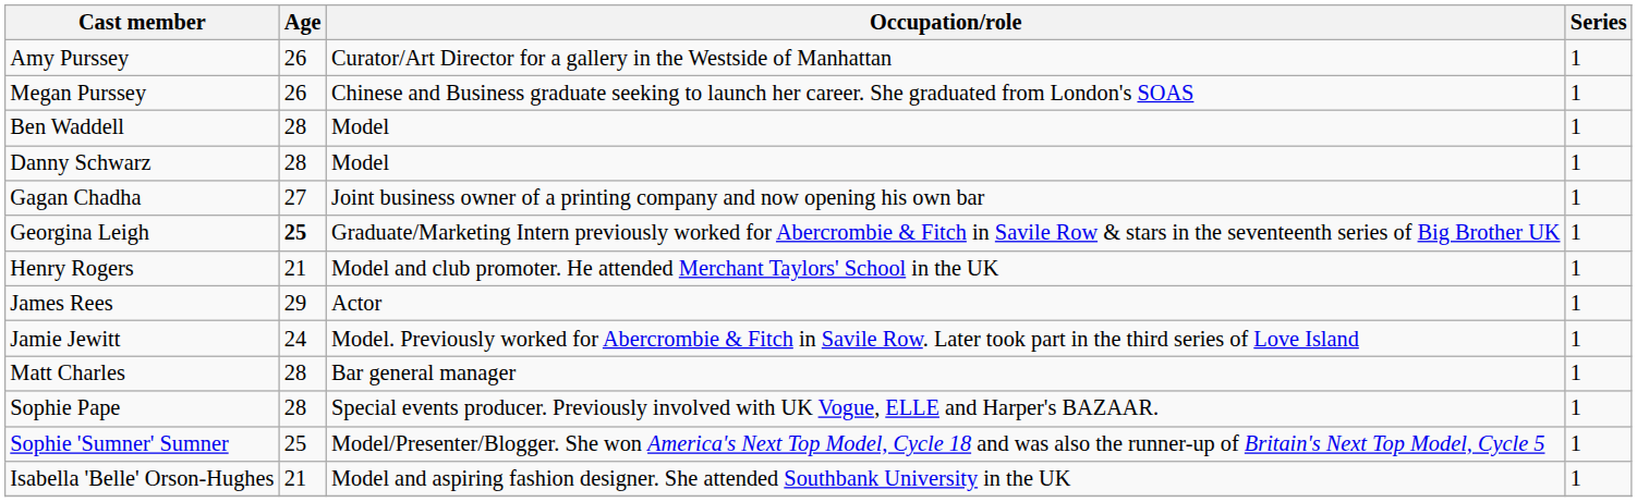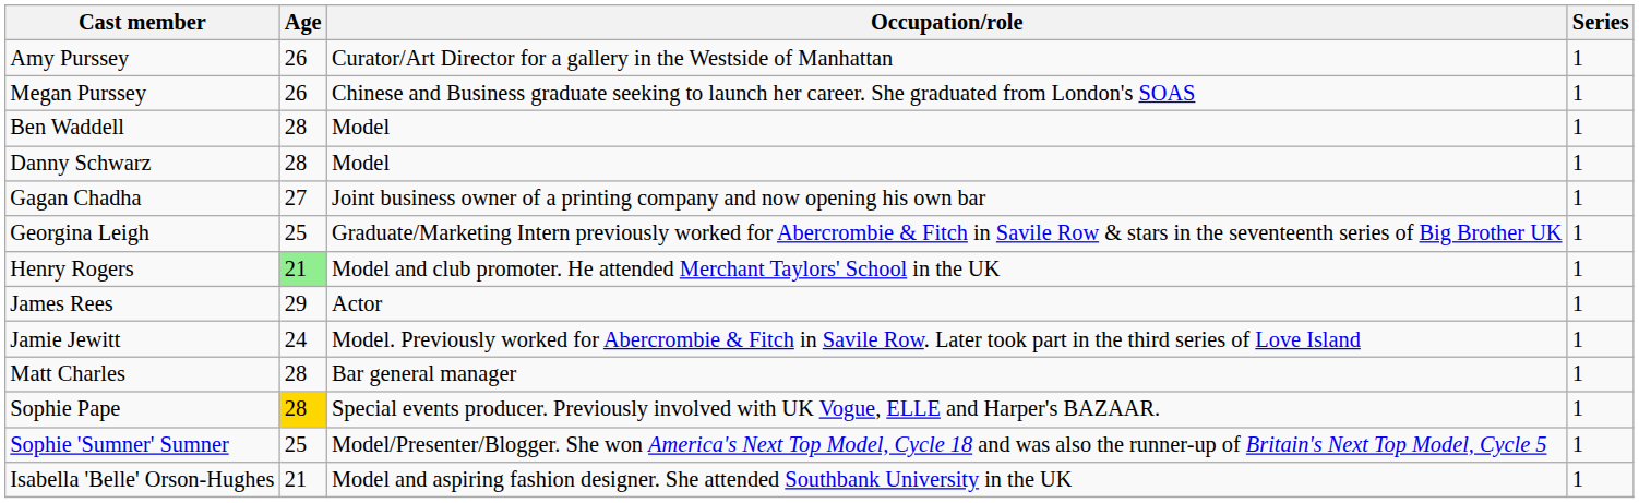 <table class="wikitable sortable">
 <tr>
 <th>Cast member</th>
 <th>Age</th>
 <th>Occupation/role</th>
 <th>Series</th>
 </tr>
 <tr>
 <td>Amy Purssey</td>
 <td>26</td>
 <td>Curator/Art Director for a gallery in the Westside of Manhattan</td>
 <td>1</td>
 </tr>
 <tr>
 <td>Megan Purssey</td>
 <td>26</td>
 <td>Chinese and Business graduate seeking to launch her career. She graduated from London's <a href='#'>SOAS</a></td>
 <td>1</td>
 </tr>
 <tr>
 <td>Ben Waddell</td>
 <td>28</td>
 <td>Model</td>
 <td>1</td>
 </tr>
 <tr>
 <td>Danny Schwarz</td>
 <td>28</td>
 <td>Model</td>
 <td>1</td>
 </tr>
 <tr>
 <td>Gagan Chadha</td>
 <td>27</td>
 <td>Joint business owner of a printing company and now opening his own bar</td>
 <td>1</td>
 </tr>
 <tr>
 <td>Georgina Leigh</td>
-<td><strong>25</strong></td>
+<td>25</td>
 <td>Graduate/Marketing Intern previously worked for <a href='#'>Abercrombie & Fitch</a> in <a href='#'>Savile Row</a> & stars in the seventeenth series of <a href='#'>Big Brother UK</a></td>
 <td>1</td>
 </tr>
 <tr>
 <td>Henry Rogers</td>
-<td>21</td>
+<td style="background: lightgreen;">21</td>
 <td>Model and club promoter. He attended <a href='#'>Merchant Taylors' School</a> in the UK</td>
 <td>1</td>
 </tr>
 <tr>
 <td>James Rees</td>
 <td>29</td>
 <td>Actor</td>
 <td>1</td>
 </tr>
 <tr>
 <td>Jamie Jewitt</td>
 <td>24</td>
 <td>Model. Previously worked for <a href='#'>Abercrombie & Fitch</a> in <a href='#'>Savile Row</a>. Later took part in the third series of <a href='#'>Love Island</a></td>
 <td>1</td>
 </tr>
 <tr>
 <td>Matt Charles</td>
 <td>28</td>
 <td>Bar general manager</td>
 <td>1</td>
 </tr>
 <tr>
 <td>Sophie Pape</td>
-<td>28</td>
+<td style="background: gold;">28</td>
 <td>Special events producer. Previously involved with UK <a href='#'>Vogue</a>, <a href='#'>ELLE</a> and Harper's BAZAAR.</td>
 <td>1</td>
 </tr>
 <tr>
 <td><a href='#'>Sophie 'Sumner' Sumner</a></td>
 <td>25</td>
 <td>Model/Presenter/Blogger. She won <em><a href='#'>America's Next Top Model, Cycle 18</a></em> and was also the runner-up of <em><a href='#'>Britain's Next Top Model, Cycle 5</a></em></td>
 <td>1</td>
 </tr>
 <tr>
 <td>Isabella 'Belle' Orson-Hughes</td>
 <td>21</td>
 <td>Model and aspiring fashion designer. She attended <a href='#'>Southbank University</a> in the UK</td>
 <td>1</td>
 </tr>
 <tr>
 </tr>
 </table>
